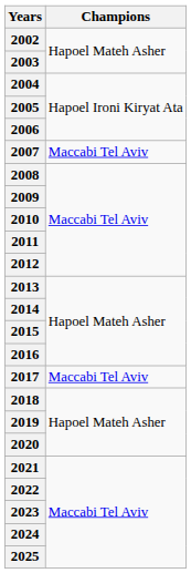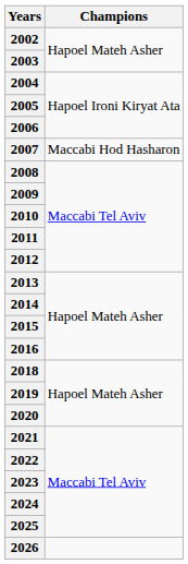 <table class="wikitable" style="display:inline-table;">
 <tr>
 <th>Years</th>
 <th>Champions</th>
 </tr>
 <tr>
 <th>2002</th>
 <td rowspan=2>Hapoel Mateh Asher</td>
 </tr>
 <tr>
 <th>2003</th>
 </tr>
 <tr>
 <th>2004</th>
 <td rowspan=3>Hapoel Ironi Kiryat Ata</td>
 </tr>
 <tr>
 <th>2005</th>
 </tr>
 <tr>
 <th>2006</th>
 </tr>
 <tr>
 <th>2007</th>
-<td><a href='#'>Maccabi Tel Aviv</a></td>
+<td>Maccabi Hod Hasharon</td>
 </tr>
 <tr>
 <th>2008</th>
 <td rowspan=5><a href='#'>Maccabi Tel Aviv</a></td>
 </tr>
 <tr>
 <th>2009</th>
 </tr>
 <tr>
 <th>2010</th>
 </tr>
 <tr>
 <th>2011</th>
 </tr>
 <tr>
 <th>2012</th>
 </tr>
 <tr>
 <th>2013</th>
 <td rowspan=4>Hapoel Mateh Asher</td>
 </tr>
 <tr>
 <th>2014</th>
 </tr>
 <tr>
 <th>2015</th>
 </tr>
 <tr>
 <th>2016</th>
 </tr>
 <tr>
-<th>2017</th>
-<td><a href='#'>Maccabi Tel Aviv</a></td>
-</tr>
-<tr>
 <th>2018</th>
 <td rowspan=3>Hapoel Mateh Asher</td>
 </tr>
 <tr>
 <th>2019</th>
 </tr>
 <tr>
 <th>2020</th>
 </tr>
 <tr>
 <th>2021</th>
 <td rowspan=5><a href='#'>Maccabi Tel Aviv</a></td>
 </tr>
 <tr>
 <th>2022</th>
 </tr>
 <tr>
 <th>2023</th>
 </tr>
 <tr>
 <th>2024</th>
 </tr>
 <tr>
 <th>2025</th>
 </tr>
+<tr>
+<th>2026</th>
+<td></td>
+</tr>
 </table>
